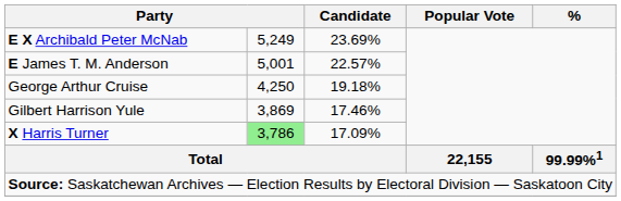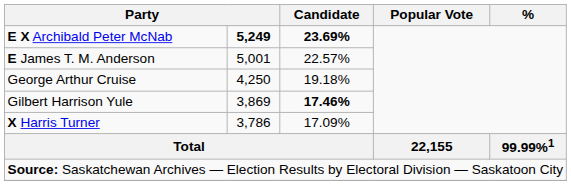 <table class="wikitable">
 <tr>
 <th colspan="2">Party</th>
 <th>Candidate</th>
 <th>Popular Vote</th>
 <th>%</th>
 </tr>
 <tr>
 <td><strong>E</strong> <strong>X</strong> <a href='#'>Archibald Peter McNab</a></td>
-<td align=center>5,249</td>
-<td align=center>23.69%</td>
+<td align=center><strong>5,249</strong></td>
+<td align=center><strong>23.69%</strong></td>
 </tr>
 <tr>
 <td><strong>E</strong> James T. M. Anderson</td>
 <td align=center>5,001</td>
 <td align=center>22.57%</td>
 </tr>
 <tr>
 <td>George Arthur Cruise</td>
 <td align=center>4,250</td>
 <td align=center>19.18%</td>
 </tr>
 <tr>
 <td>Gilbert Harrison Yule</td>
 <td align=center>3,869</td>
-<td align=center>17.46%</td>
+<td align=center><strong>17.46%</strong></td>
 </tr>
 <tr>
 <td><strong>X</strong> <a href='#'>Harris Turner</a></td>
-<td align=center style="background: lightgreen;">3,786</td>
+<td align=center>3,786</td>
 <td align=center>17.09%</td>
 </tr>
 <tr>
 <th colspan=3>Total</th>
 <th>22,155</th>
 <th>99.99%<sup>1</sup></th>
 </tr>
 <tr>
 <td align="center" colspan=5><strong>Source:</strong> Saskatchewan Archives — Election Results by Electoral Division — Saskatoon City</td>
 </tr>
 <tr>
 </tr>
 </table>
